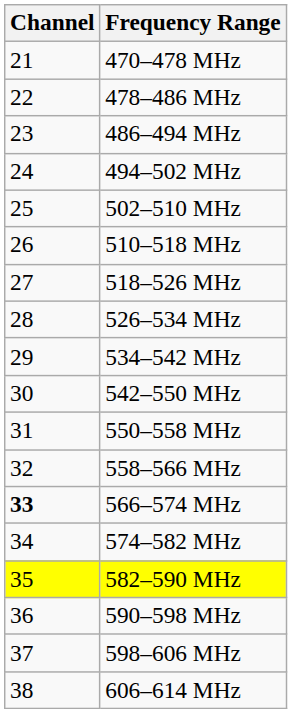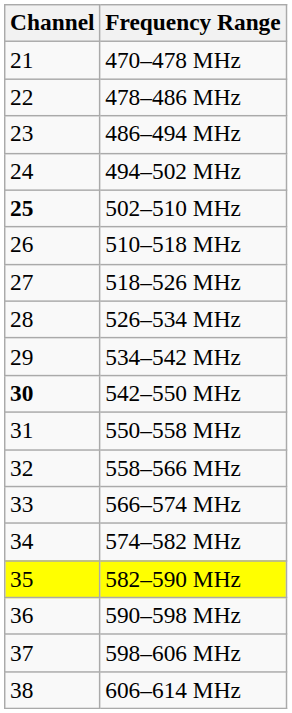 <table class="wikitable">
 <tr>
 <th>Channel</th>
 <th>Frequency Range</th>
 </tr>
 <tr>
 <td>21</td>
 <td>470–478 MHz</td>
 </tr>
 <tr>
 <td>22</td>
 <td>478–486 MHz</td>
 </tr>
 <tr>
 <td>23</td>
 <td>486–494 MHz</td>
 </tr>
 <tr>
 <td>24</td>
 <td>494–502 MHz</td>
 </tr>
 <tr>
-<td>25</td>
+<td><strong>25</strong></td>
 <td>502–510 MHz</td>
 </tr>
 <tr>
 <td>26</td>
 <td>510–518 MHz</td>
 </tr>
 <tr>
 <td>27</td>
 <td>518–526 MHz</td>
 </tr>
 <tr>
 <td>28</td>
 <td>526–534 MHz</td>
 </tr>
 <tr>
 <td>29</td>
 <td>534–542 MHz</td>
 </tr>
 <tr>
-<td>30</td>
+<td><strong>30</strong></td>
 <td>542–550 MHz</td>
 </tr>
 <tr>
 <td>31</td>
 <td>550–558 MHz</td>
 </tr>
 <tr>
 <td>32</td>
 <td>558–566 MHz</td>
 </tr>
 <tr>
-<td><strong>33</strong></td>
+<td>33</td>
 <td>566–574 MHz</td>
 </tr>
 <tr>
 <td>34</td>
 <td>574–582 MHz</td>
 </tr>
 <tr style="background:yellow">
 <td>35</td>
 <td>582–590 MHz</td>
 </tr>
 <tr -style="background:yellow">
 <td>36</td>
 <td>590–598 MHz</td>
 </tr>
 <tr -style="background:yellow">
 <td>37</td>
 <td>598–606 MHz</td>
 </tr>
 <tr -style="background:yellow">
 <td>38</td>
 <td>606–614 MHz</td>
 </tr>
 </table>
